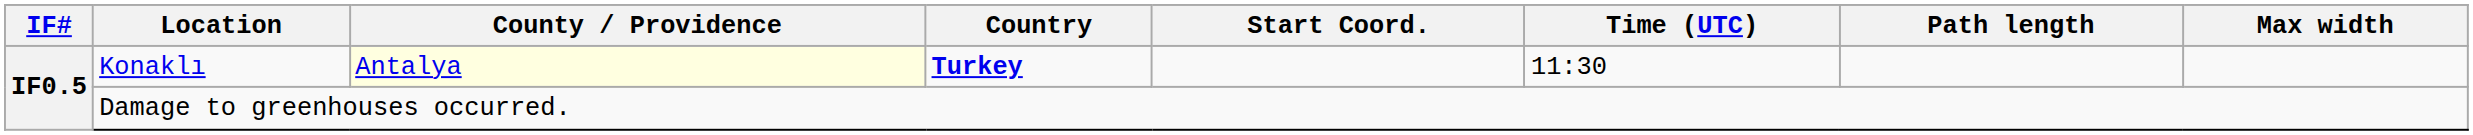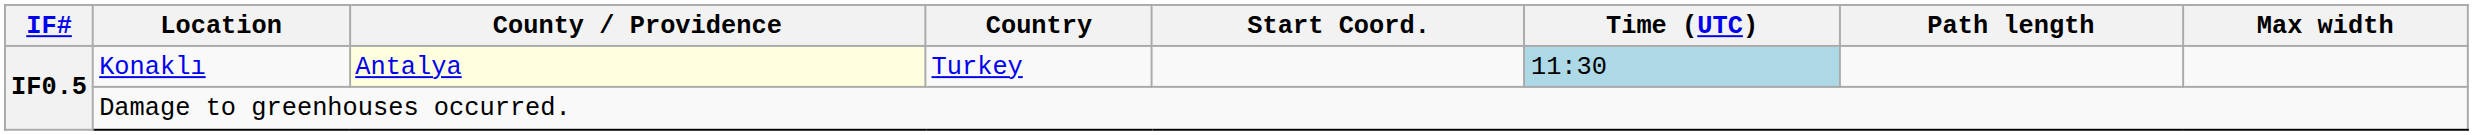 <table class="wikitable sortable" style="width:100%;">
 <tr>
 <th scope="col" width="2%" align="center"><a href='#'>IF#</a></th>
 <th scope="col" align="center" class="unsortable">Location</th>
 <th scope="col" align="center" class="unsortable">County / Providence</th>
 <th scope="col" align="center">Country</th>
 <th scope="col" align="center">Start Coord.</th>
 <th scope="col" align="center">Time (<a href='#'>UTC</a>)</th>
 <th scope="col" align="center">Path length</th>
 <th scope="col" align="center">Max width</th>
 </tr>
 <tr>
 <th scope="row" rowspan="2" style="background-color:#">IF0.5</th>
 <td><a href='#'>Konaklı</a></td>
 <td style="background: lightyellow;"><a href='#'>Antalya</a></td>
-<td><strong><a href='#'>Turkey</a></strong></td>
+<td><a href='#'>Turkey</a></td>
 <td></td>
-<td>11:30</td>
+<td style="background: lightblue;">11:30</td>
 <td></td>
 <td></td>
 </tr>
 <tr class="expand-child">
 <td colspan="8" style=" border-bottom: 1px solid black;">Damage to greenhouses occurred.</td>
 </tr>
 </table>
